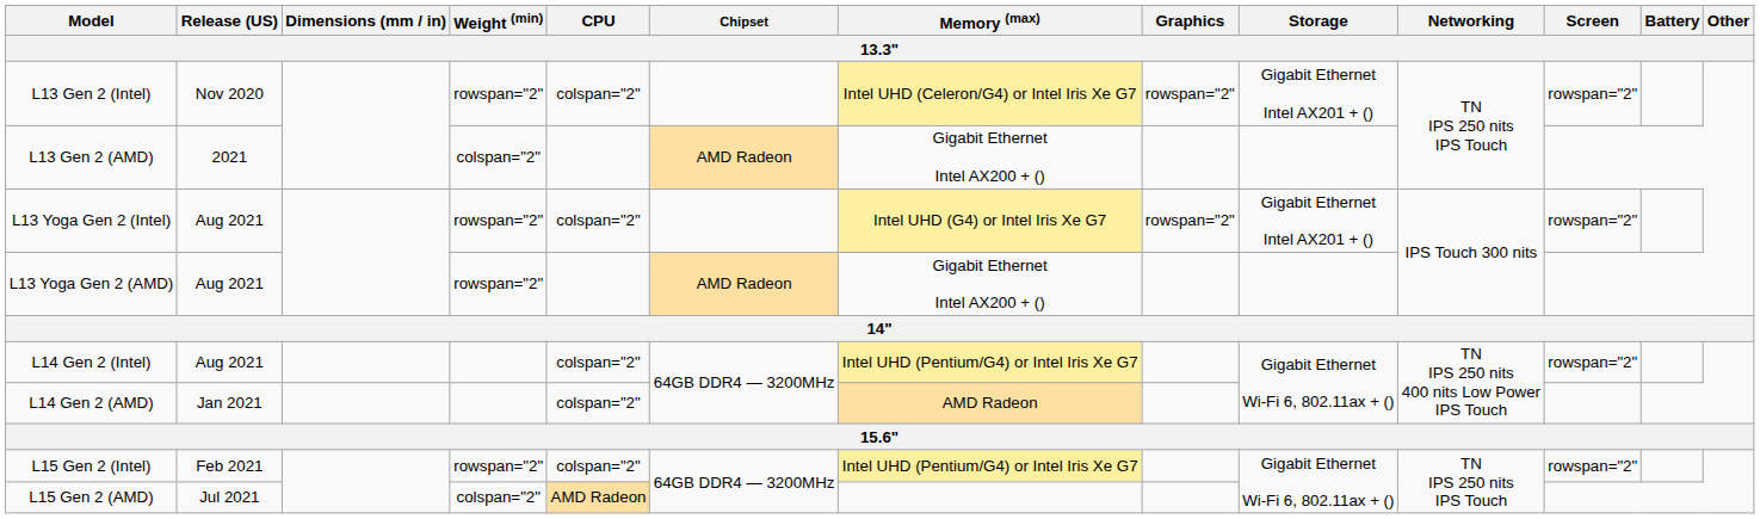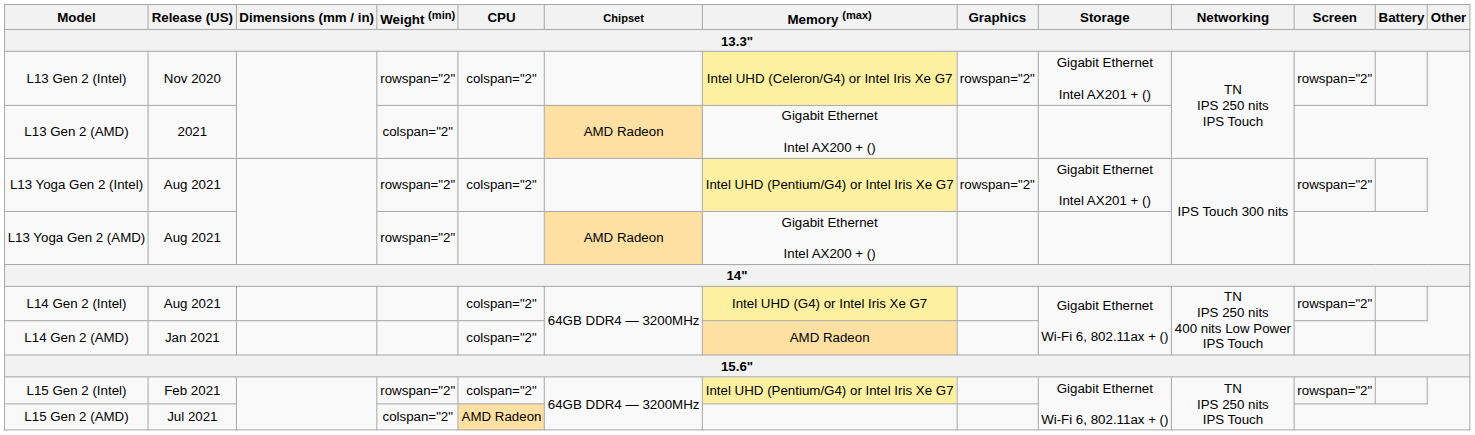 <table class="wikitable" style="font-size: 80%; text-align: center; min-width: 80%;">
 <tr>
 <th>Model</th>
 <th>Release (US)</th>
 <th>Dimensions (mm / in)</th>
 <th>Weight <sup>(min)</sup></th>
 <th>CPU</th>
 <th><small>Chipset</small></th>
 <th>Memory <sup>(max)</sup></th>
 <th>Graphics</th>
 <th>Storage</th>
 <th>Networking</th>
 <th>Screen</th>
 <th>Battery</th>
 <th>Other</th>
 </tr>
 <tr>
 <th colspan="13">13.3"</th>
 </tr>
 <tr>
 <td>L13 Gen 2 (Intel)</td>
 <td>Nov 2020</td>
 <td rowspan="2"></td>
 <td>rowspan="2" </td>
 <td>colspan="2" </td>
 <td></td>
 <td style="background:#fdf1a1;">Intel UHD (Celeron/G4) or Intel Iris Xe G7</td>
 <td>rowspan="2" </td>
 <td> Gigabit Ethernet<br><br>Intel  AX201 +  ()<br><small></small></td>
 <td rowspan="2" style="background:"> TN<br> IPS 250 nits<br> IPS Touch</td>
 <td>rowspan="2" </td>
 <td><br></td>
 </tr>
 <tr>
 <td>L13 Gen 2 (AMD)</td>
 <td>2021</td>
 <td>colspan="2" </td>
 <td></td>
 <td style="background:#fee0a3;">AMD Radeon</td>
 <td> Gigabit Ethernet<br><br>Intel  AX200 +  ()<br><small></small></td>
 <td><br></td>
 </tr>
 <tr>
 <td>L13 Yoga Gen 2 (Intel)</td>
 <td>Aug 2021</td>
 <td rowspan="2"></td>
 <td>rowspan="2" </td>
 <td>colspan="2" </td>
 <td></td>
-<td style="background:#fdf1a1;">Intel UHD (G4) or Intel Iris Xe G7</td>
+<td style="background:#fdf1a1;">Intel UHD (Pentium/G4) or Intel Iris Xe G7<br></td>
 <td>rowspan="2" </td>
 <td> Gigabit Ethernet<br><br>Intel  AX201 +  ()<br><small></small></td>
 <td rowspan="2" style="background:"> IPS Touch 300 nits</td>
 <td>rowspan="2" </td>
 <td><br></td>
 </tr>
 <tr>
 <td>L13 Yoga Gen 2 (AMD)</td>
 <td>Aug 2021</td>
 <td>rowspan="2" </td>
 <td></td>
 <td style="background:#fee0a3;">AMD Radeon</td>
 <td> Gigabit Ethernet<br><br>Intel  AX200 +  ()<br><small></small></td>
 <td><br></td>
 </tr>
 <tr>
 <th colspan="13">14"</th>
 </tr>
 <tr>
 <td>L14 Gen 2 (Intel)</td>
 <td>Aug 2021</td>
 <td></td>
 <td></td>
 <td>colspan="2" </td>
 <td rowspan="2" style="background:">64GB DDR4 — 3200MHz</td>
-<td style="background:#fdf1a1;">Intel UHD (Pentium/G4) or Intel Iris Xe G7<br></td>
+<td style="background:#fdf1a1;">Intel UHD (G4) or Intel Iris Xe G7</td>
 <td></td>
 <td rowspan="2">Gigabit Ethernet<br><br>Wi-Fi 6, 802.11ax +  ()<br><small></small></td>
 <td rowspan="2" style="background:"> TN<br> IPS 250 nits<br> 400 nits Low Power<br> IPS Touch</td>
 <td>rowspan="2" </td>
 <td><br></td>
 </tr>
 <tr>
 <td>L14 Gen 2 (AMD)</td>
 <td>Jan 2021</td>
 <td></td>
 <td></td>
 <td>colspan="2" </td>
 <td style="background:#fee0a3;">AMD Radeon</td>
 <td></td>
 <td><br></td>
 </tr>
 <tr>
 <th colspan="13">15.6"</th>
 </tr>
 <tr>
 <td>L15 Gen 2 (Intel)</td>
 <td>Feb 2021</td>
 <td rowspan="2"></td>
 <td>rowspan="2" </td>
 <td>colspan="2" </td>
 <td rowspan="2" style="background:">64GB DDR4 — 3200MHz</td>
 <td style="background:#fdf1a1;">Intel UHD (Pentium/G4) or Intel Iris Xe G7<br></td>
 <td></td>
 <td rowspan="2">Gigabit Ethernet<br><br>Wi-Fi 6, 802.11ax +  ()<br><small></small></td>
 <td rowspan="2" style="background:"> TN<br> IPS 250 nits<br> IPS Touch</td>
 <td>rowspan="2" </td>
 <td><br></td>
 </tr>
 <tr>
 <td>L15 Gen 2 (AMD)</td>
 <td>Jul 2021</td>
 <td>colspan="2" </td>
 <td style="background:#fee0a3;">AMD Radeon</td>
 <td></td>
 <td><br></td>
 </tr>
 </table>
